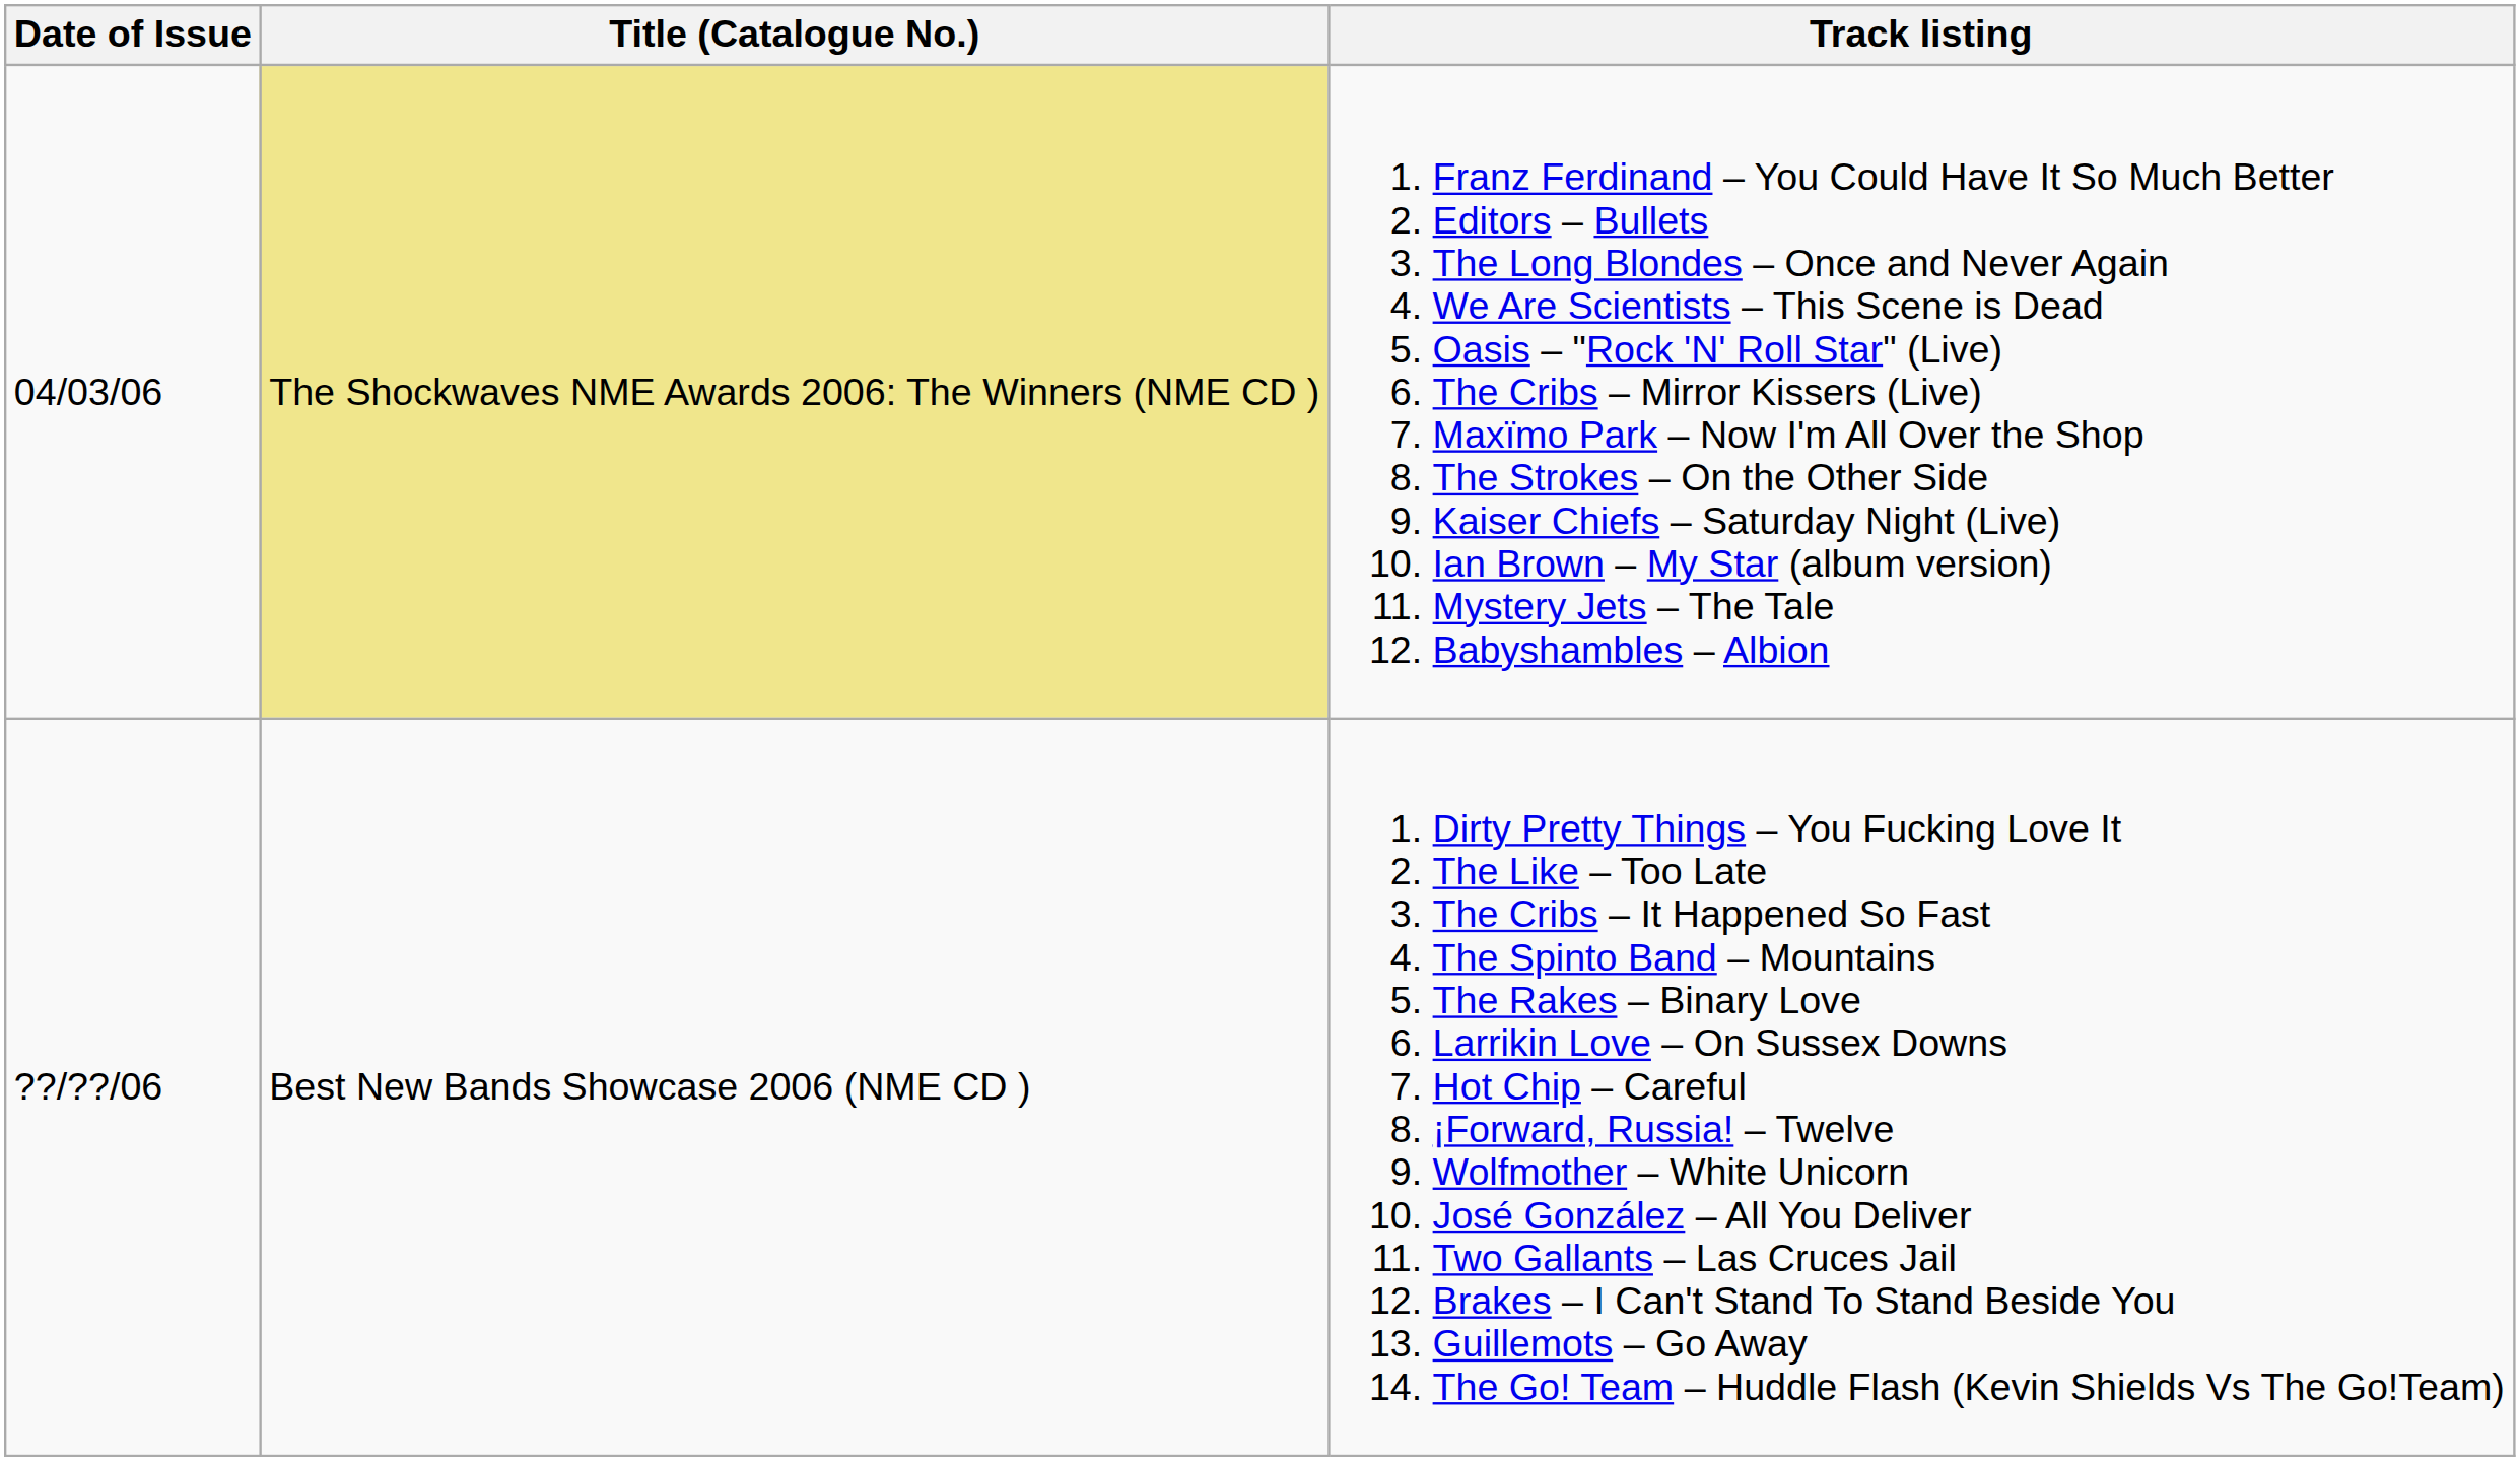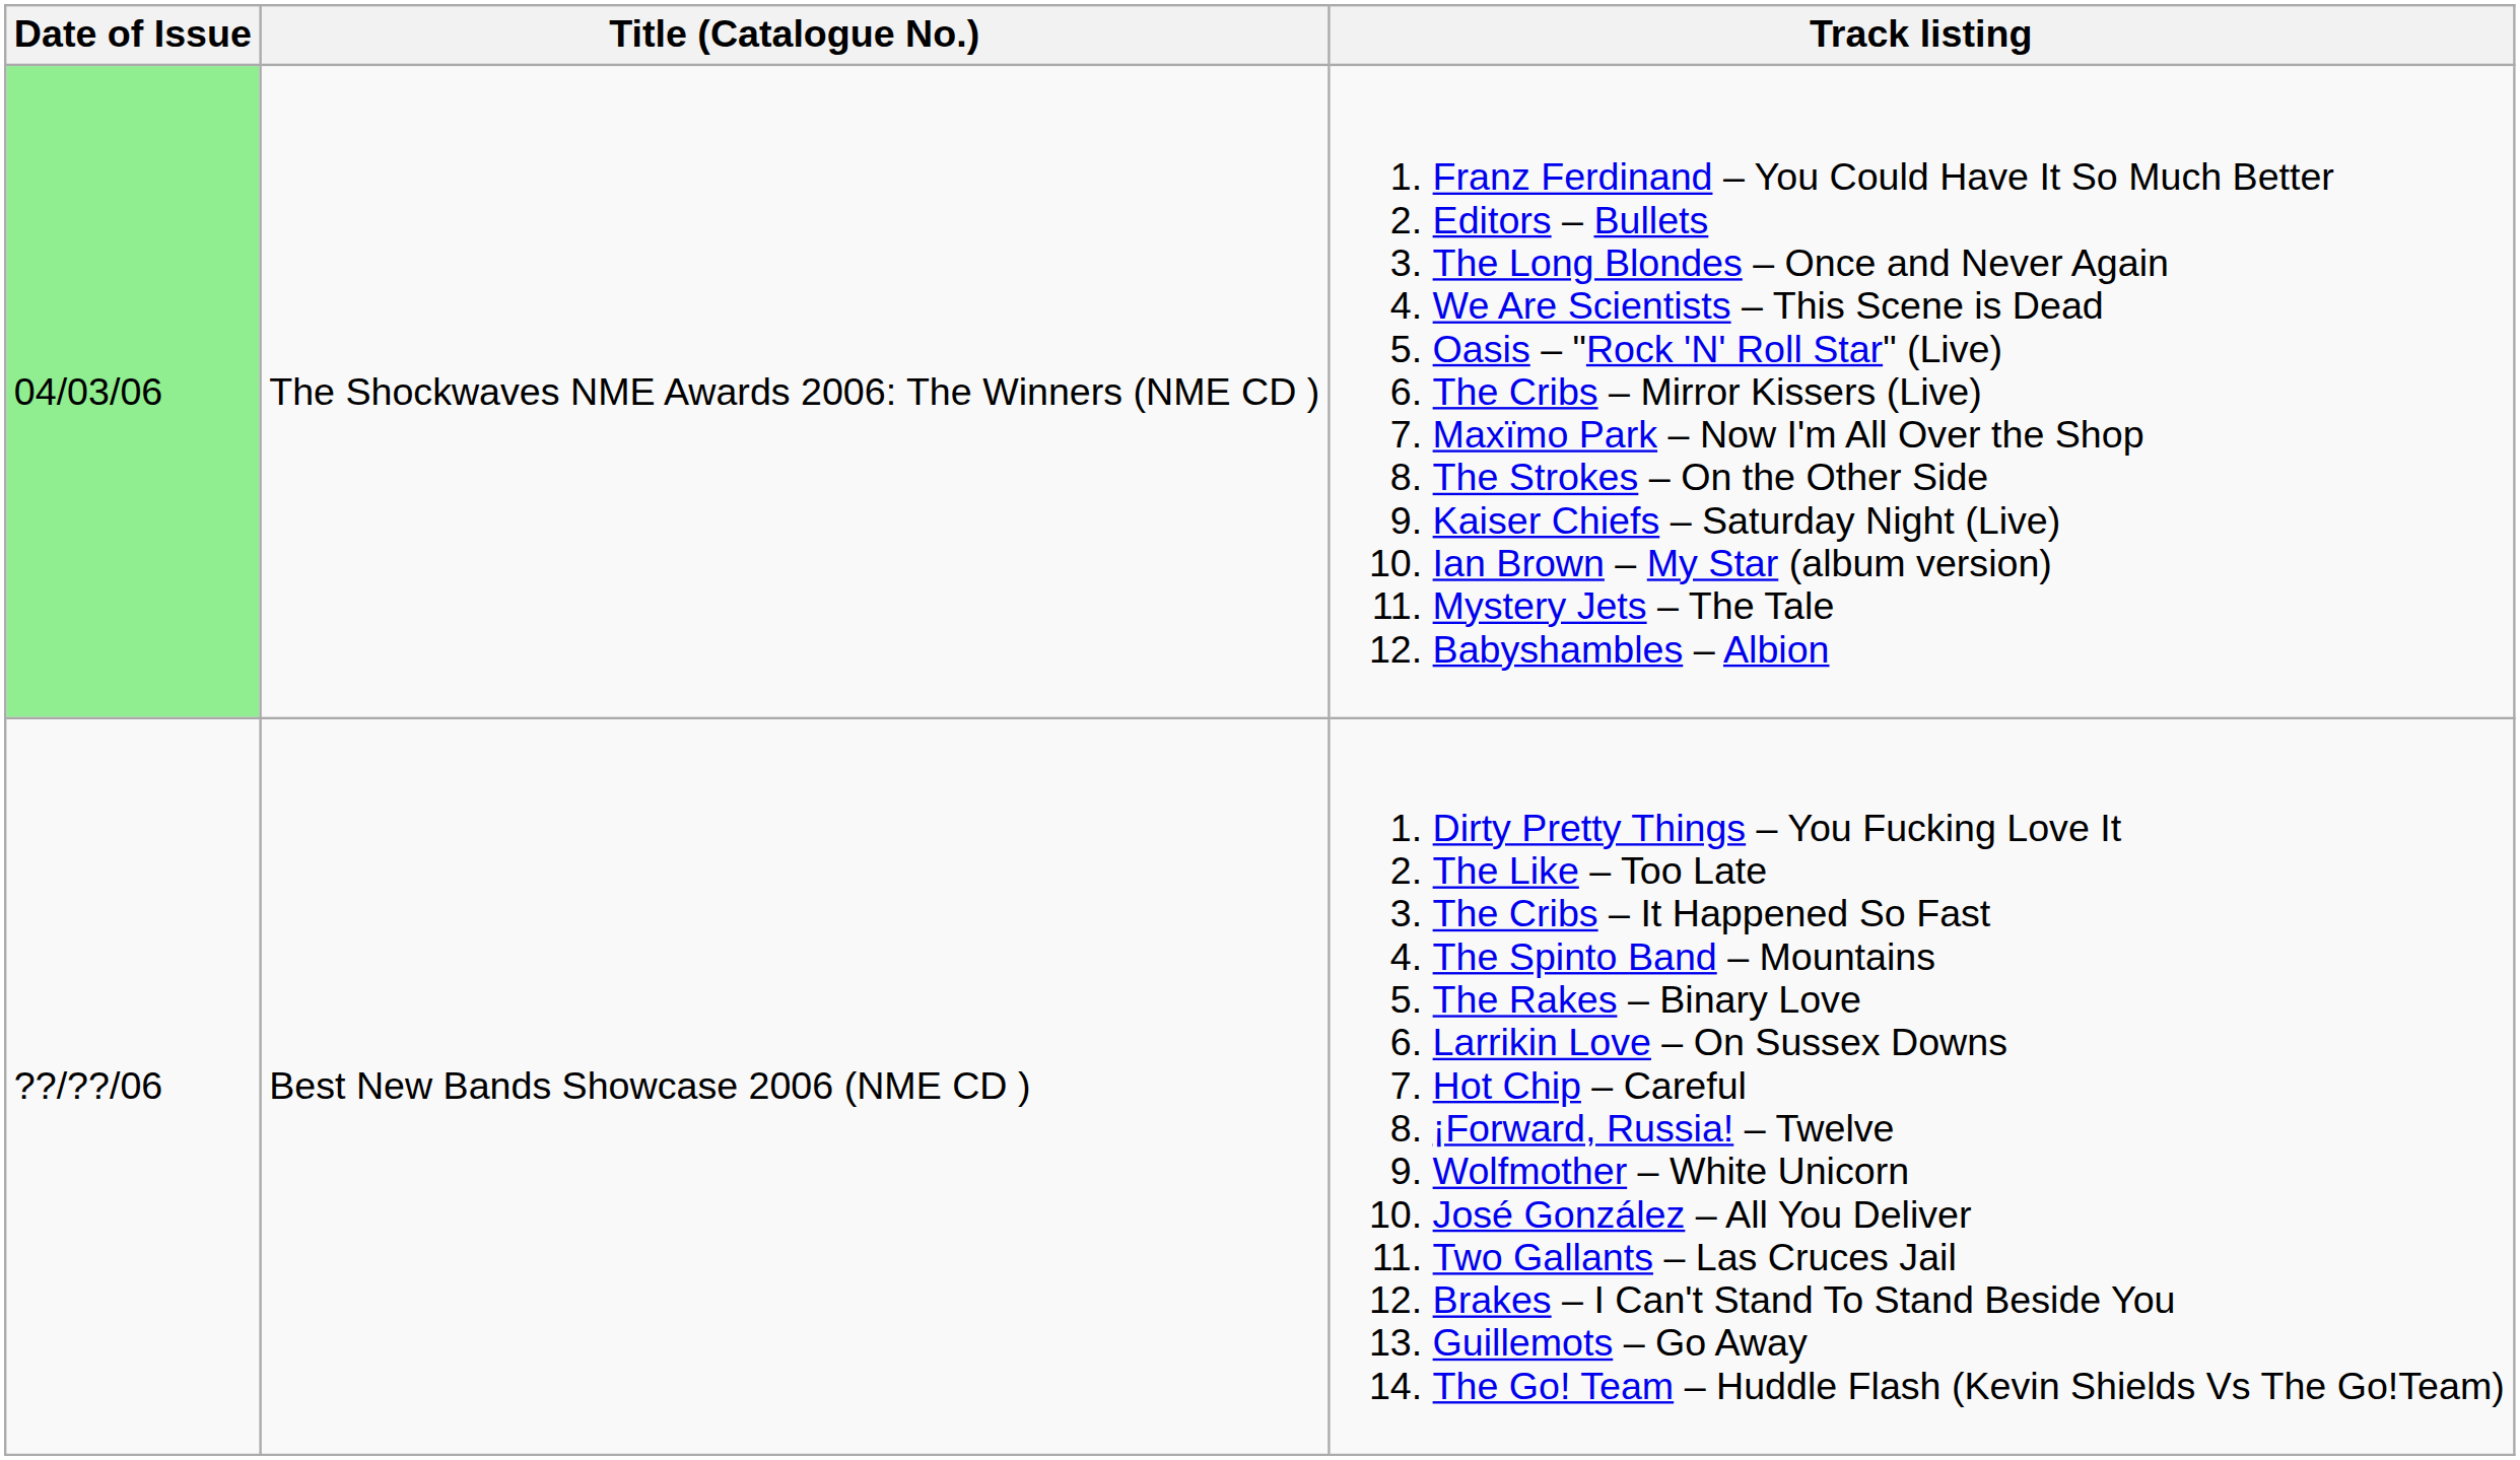 <table class="wikitable">
 <tr>
 <th>Date of Issue</th>
 <th>Title (Catalogue No.)</th>
 <th>Track listing</th>
 </tr>
 <tr>
-<td>04/03/06</td>
-<td style="background: khaki;">The Shockwaves NME Awards 2006: The Winners (NME CD )</td>
+<td style="background: lightgreen;">04/03/06</td>
+<td>The Shockwaves NME Awards 2006: The Winners (NME CD )</td>
 <td><br><ol><li><a href='#'>Franz Ferdinand</a> – You Could Have It So Much Better</li><li><a href='#'>Editors</a> – <a href='#'>Bullets</a></li><li><a href='#'>The Long Blondes</a> – Once and Never Again</li><li><a href='#'>We Are Scientists</a> – This Scene is Dead</li><li><a href='#'>Oasis</a> – "<a href='#'>Rock 'N' Roll Star</a>" (Live)</li><li><a href='#'>The Cribs</a> – Mirror Kissers (Live)</li><li><a href='#'>Maxïmo Park</a> – Now I'm All Over the Shop</li><li><a href='#'>The Strokes</a> – On the Other Side</li><li><a href='#'>Kaiser Chiefs</a> – Saturday Night (Live)</li><li><a href='#'>Ian Brown</a> – <a href='#'>My Star</a> (album version)</li><li><a href='#'>Mystery Jets</a> – The Tale</li><li><a href='#'>Babyshambles</a> – <a href='#'>Albion</a></li></ol></td>
 </tr>
 <tr>
 <td>??/??/06</td>
 <td>Best New Bands Showcase 2006 (NME CD )</td>
 <td><br><ol><li><a href='#'>Dirty Pretty Things</a> – You Fucking Love It</li><li><a href='#'>The Like</a> – Too Late</li><li><a href='#'>The Cribs</a> – It Happened So Fast</li><li><a href='#'>The Spinto Band</a> – Mountains</li><li><a href='#'>The Rakes</a> – Binary Love</li><li><a href='#'>Larrikin Love</a> – On Sussex Downs</li><li><a href='#'>Hot Chip</a> – Careful</li><li><a href='#'>¡Forward, Russia!</a> – Twelve</li><li><a href='#'>Wolfmother</a> – White Unicorn</li><li><a href='#'>José González</a> – All You Deliver</li><li><a href='#'>Two Gallants</a> – Las Cruces Jail</li><li><a href='#'>Brakes</a> – I Can't Stand To Stand Beside You</li><li><a href='#'>Guillemots</a> – Go Away</li><li><a href='#'>The Go! Team</a> – Huddle Flash (Kevin Shields Vs The Go!Team)</li></ol></td>
 </tr>
 </table>
